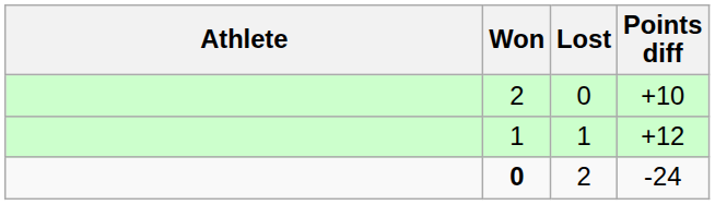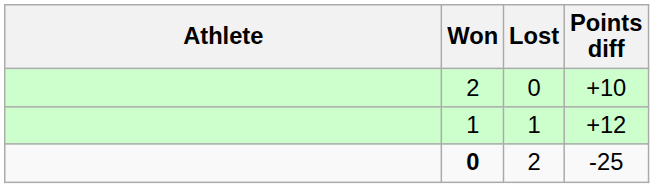 <table class="wikitable">
 <tr>
 <th style="width:18em">Athlete</th>
 <th>Won</th>
 <th>Lost</th>
 <th>Points<br>diff</th>
 </tr>
 <tr bgcolor="#ccffcc">
 <td></td>
 <td align="center">2</td>
 <td align="center">0</td>
 <td align="center">+10</td>
 </tr>
 <tr bgcolor="#ccffcc">
 <td></td>
 <td align="center">1</td>
 <td align="center">1</td>
 <td align="center">+12</td>
 </tr>
 <tr>
 <td></td>
 <td align="center"><strong>0</strong></td>
 <td align="center">2</td>
-<td align="center">-24</td>
+<td align="center">-25</td>
 </tr>
 </table>
